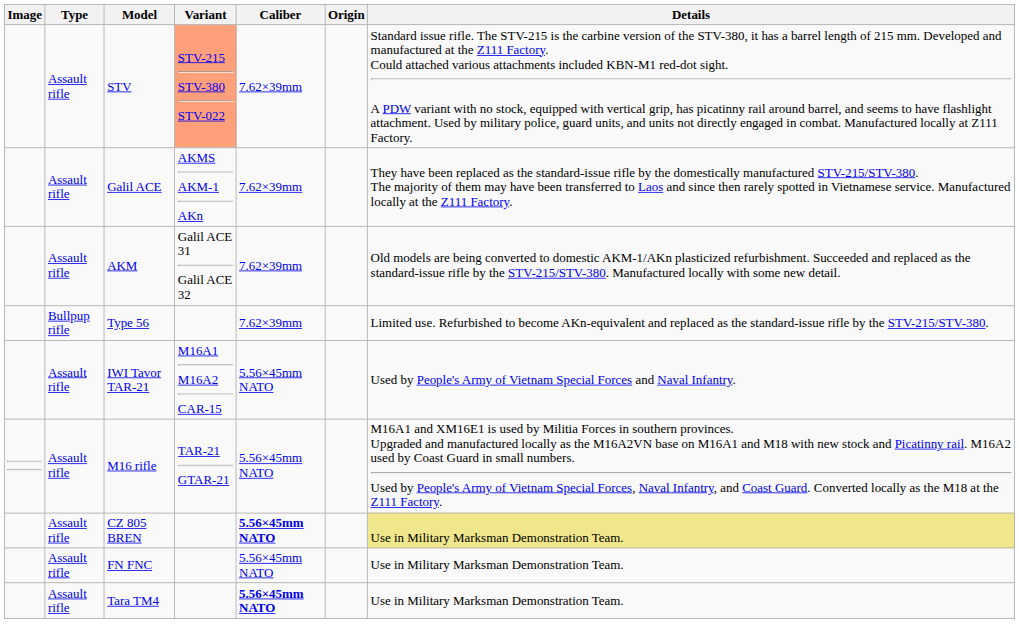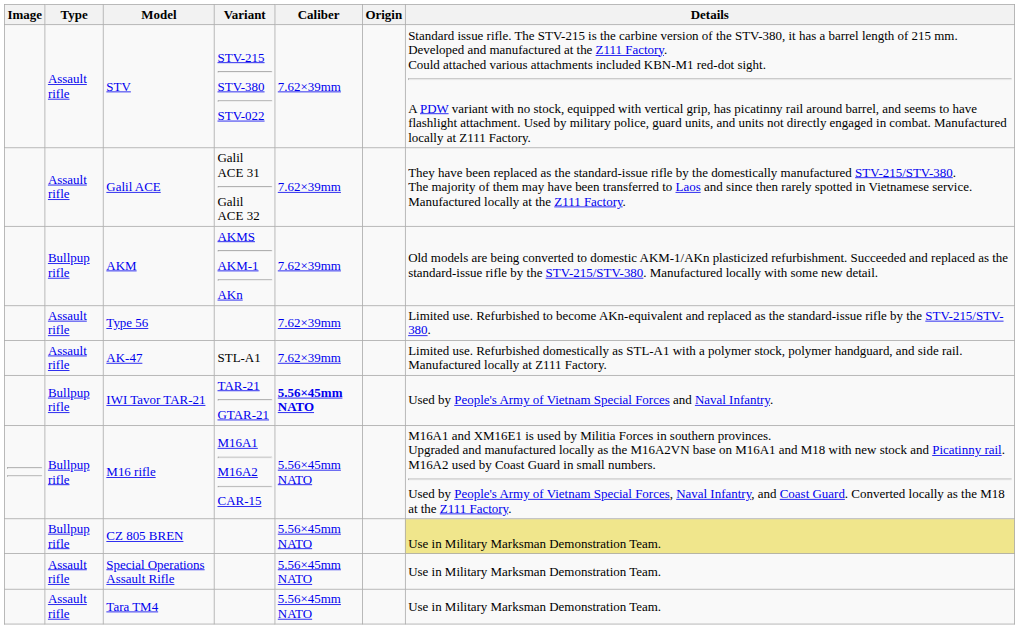 <table class="wikitable">
 <tr>
 <th>Image</th>
 <th>Type</th>
 <th>Model</th>
 <th>Variant</th>
 <th>Caliber</th>
 <th>Origin</th>
 <th>Details</th>
 </tr>
 <tr>
 <td><br><br></td>
 <td><a href='#'>Assault rifle</a></td>
 <td><a href='#'>STV</a></td>
-<td style="background: lightsalmon;"><a href='#'>STV-215</a> <hr> <a href='#'>STV-380</a> <hr> <a href='#'>STV-022</a></td>
+<td><a href='#'>STV-215</a> <hr> <a href='#'>STV-380</a> <hr> <a href='#'>STV-022</a></td>
 <td><a href='#'>7.62×39mm</a></td>
 <td></td>
 <td>Standard issue rifle. The STV-215 is the carbine version of the STV-380, it has a barrel length of 215 mm. Developed and manufactured at the <a href='#'>Z111 Factory</a>.<br>Could attached various attachments included KBN-M1 red-dot sight. <hr><br>A <a href='#'>PDW</a> variant with no stock, equipped with vertical grip, has picatinny rail around barrel, and seems to have flashlight attachment. Used by military police, guard units, and units not directly engaged in combat. Manufactured locally at Z111 Factory.</td>
 </tr>
 <tr>
 <td></td>
 <td><a href='#'>Assault rifle</a></td>
 <td><a href='#'>Galil ACE</a></td>
-<td><a href='#'>AKMS</a> <hr> <a href='#'>AKM-1</a> <hr> <a href='#'>AKn</a></td>
+<td>Galil ACE 31<hr>Galil ACE 32</td>
 <td><a href='#'>7.62×39mm</a></td>
 <td><br></td>
 <td>They have been replaced as the standard-issue rifle by the domestically manufactured <a href='#'>STV-215/STV-380</a>.<br>The majority of them may have been transferred to <a href='#'>Laos</a> and since then rarely spotted in Vietnamese service. Manufactured locally at the <a href='#'>Z111 Factory</a>.</td>
 </tr>
 <tr>
 <td></td>
-<td><a href='#'>Assault rifle</a></td>
+<td><a href='#'>Bullpup rifle</a></td>
 <td><a href='#'>AKM</a></td>
-<td>Galil ACE 31<hr>Galil ACE 32</td>
+<td><a href='#'>AKMS</a> <hr> <a href='#'>AKM-1</a> <hr> <a href='#'>AKn</a></td>
 <td><a href='#'>7.62×39mm</a></td>
 <td><br></td>
 <td>Old models are being converted to domestic AKM-1/AKn plasticized refurbishment. Succeeded and replaced as the standard-issue rifle by the <a href='#'>STV-215/STV-380</a>. Manufactured locally with some new detail.</td>
 </tr>
 <tr>
 <td></td>
-<td><a href='#'>Bullpup rifle</a></td>
+<td><a href='#'>Assault rifle</a></td>
 <td><a href='#'>Type 56</a></td>
 <td></td>
 <td><a href='#'>7.62×39mm</a></td>
 <td><br></td>
 <td>Limited use. Refurbished to become AKn-equivalent and replaced as the standard-issue rifle by the <a href='#'>STV-215/STV-380</a>.</td>
 </tr>
 <tr>
 <td></td>
 <td><a href='#'>Assault rifle</a></td>
+<td><a href='#'>AK-47</a></td>
+<td>STL-A1</td>
+<td><a href='#'>7.62×39mm</a></td>
+<td><br></td>
+<td>Limited use. Refurbished domestically as STL-A1 with a polymer stock, polymer handguard, and side rail. Manufactured locally at Z111 Factory.</td>
+</tr>
+<tr>
+<td></td>
+<td><a href='#'>Bullpup rifle</a></td>
 <td><a href='#'>IWI Tavor TAR-21</a></td>
-<td><a href='#'>M16A1</a><hr><a href='#'>M16A2</a> <hr> <a href='#'>CAR-15</a></td>
-<td><a href='#'>5.56×45mm NATO</a></td>
+<td><a href='#'>TAR-21</a><hr><a href='#'>GTAR-21</a></td>
+<td><strong><a href='#'>5.56×45mm NATO</a></strong></td>
 <td></td>
 <td>Used by <a href='#'>People's Army of Vietnam Special Forces</a> and <a href='#'>Naval Infantry</a>.</td>
 </tr>
 <tr>
 <td><hr><hr></td>
-<td><a href='#'>Assault rifle</a></td>
+<td><a href='#'>Bullpup rifle</a></td>
 <td><a href='#'>M16 rifle</a></td>
-<td><a href='#'>TAR-21</a><hr><a href='#'>GTAR-21</a></td>
+<td><a href='#'>M16A1</a><hr><a href='#'>M16A2</a> <hr> <a href='#'>CAR-15</a></td>
 <td><a href='#'>5.56×45mm NATO</a></td>
 <td><br></td>
 <td>M16A1 and XM16E1 is used by Militia Forces in southern provinces.<br>Upgraded and manufactured locally as the M16A2VN base on M16A1 and M18 with new stock and <a href='#'>Picatinny rail</a>. M16A2 used by Coast Guard in small numbers. <hr> Used by <a href='#'>People's Army of Vietnam Special Forces</a>, <a href='#'>Naval Infantry</a>, and <a href='#'>Coast Guard</a>. Converted locally as the M18 at the <a href='#'>Z111 Factory</a>.</td>
 </tr>
 <tr>
 <td></td>
-<td><a href='#'>Assault rifle</a></td>
+<td><a href='#'>Bullpup rifle</a></td>
 <td><a href='#'>CZ 805 BREN</a></td>
 <td></td>
-<td><strong><a href='#'>5.56×45mm NATO</a></strong></td>
+<td><a href='#'>5.56×45mm NATO</a></td>
 <td></td>
 <td style="background: khaki;"><br>Use in Military Marksman Demonstration Team.</td>
 </tr>
 <tr>
 <td></td>
 <td><a href='#'>Assault rifle</a></td>
-<td><a href='#'>FN FNC</a></td>
+<td><a href='#'>Special Operations Assault Rifle</a></td>
 <td></td>
 <td><a href='#'>5.56×45mm NATO</a></td>
 <td></td>
 <td>Use in Military Marksman Demonstration Team.</td>
 </tr>
 <tr>
 <td></td>
 <td><a href='#'>Assault rifle</a></td>
 <td><a href='#'>Tara TM4 </a></td>
 <td></td>
-<td><strong><a href='#'>5.56×45mm NATO</a></strong></td>
+<td><a href='#'>5.56×45mm NATO</a></td>
 <td></td>
 <td>Use in Military Marksman Demonstration Team.</td>
 </tr>
 </table>
